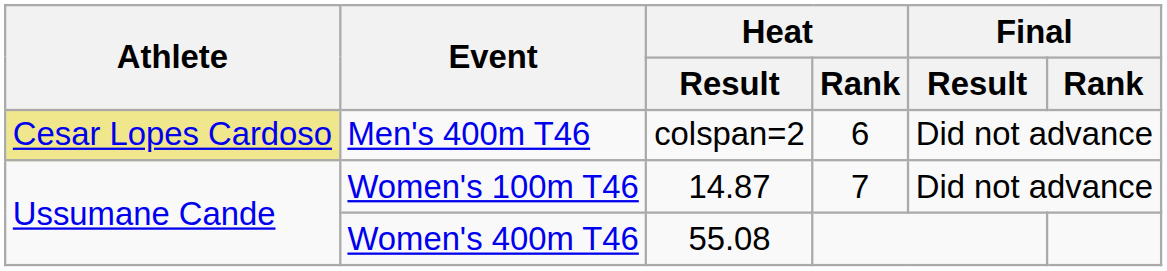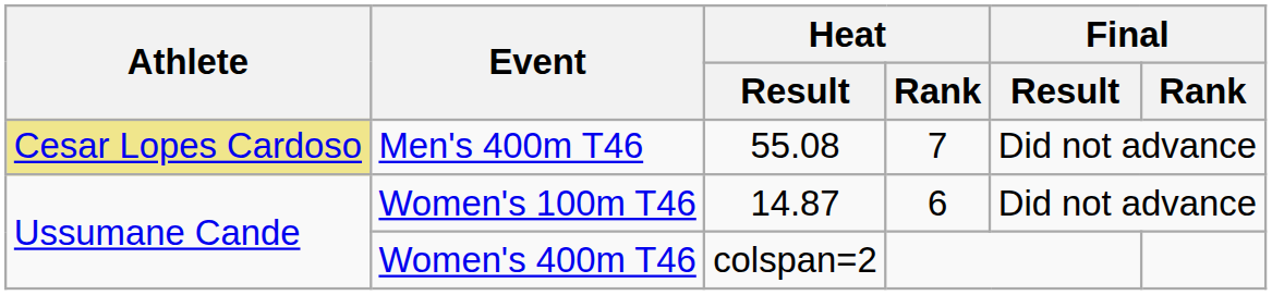 <table class="wikitable" style="font-size:90%">
 <tr>
 <th rowspan="2">Athlete</th>
 <th rowspan="2">Event</th>
 <th colspan="2">Heat</th>
 <th colspan="2">Final</th>
 </tr>
 <tr>
 <th>Result</th>
 <th>Rank</th>
 <th>Result</th>
 <th>Rank</th>
 </tr>
 <tr align=center>
 <td align=left style="background: khaki;"><a href='#'>Cesar Lopes Cardoso</a></td>
 <td align=left><a href='#'>Men's 400m T46</a></td>
-<td>colspan=2 </td>
-<td>6</td>
+<td>55.08</td>
+<td>7</td>
 <td colspan=2>Did not advance</td>
 </tr>
 <tr align=center>
 <td align=left rowspan=2><a href='#'>Ussumane Cande</a></td>
 <td align=left><a href='#'>Women's 100m T46</a></td>
 <td>14.87</td>
-<td>7</td>
+<td>6</td>
 <td colspan=2>Did not advance</td>
 </tr>
 <tr align=center>
 <td align=left><a href='#'>Women's 400m T46</a></td>
-<td>55.08</td>
+<td>colspan=2 </td>
 <td colspan=2></td>
 </tr>
 </table>
